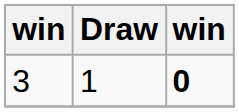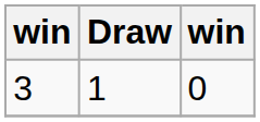 <table class="wikitable">
 <tr>
 <th> win</th>
 <th>Draw</th>
 <th> win</th>
 </tr>
 <tr>
 <td>3</td>
 <td>1</td>
-<td><strong>0</strong></td>
+<td>0</td>
 </tr>
 <tr>
 </tr>
 </table>
